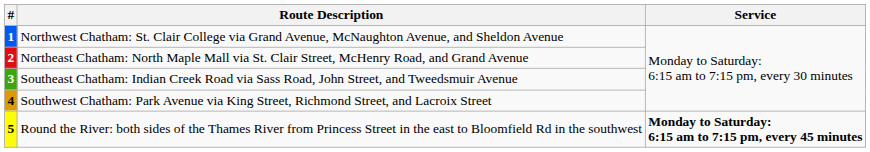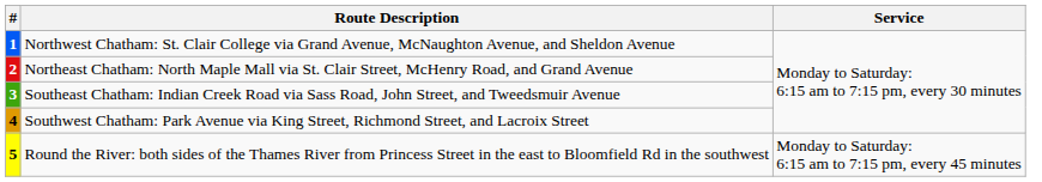 <table class="wikitable">
 <tr>
 <th>#</th>
 <th>Route Description</th>
 <th>Service</th>
 </tr>
 <tr>
 <td style = 'background:#025af4;color:white' align = 'center'><strong>1</strong></td>
 <td>Northwest Chatham: St. Clair College via Grand Avenue, McNaughton Avenue, and Sheldon Avenue</td>
 <td rowspan="4">Monday to Saturday:<br>6:15 am to 7:15 pm, every 30 minutes</td>
 </tr>
 <tr>
 <td style = 'background:#e10d10;color:white' align = 'center'><strong>2</strong></td>
 <td>Northeast Chatham: North Maple Mall via St. Clair Street, McHenry Road, and Grand Avenue</td>
 </tr>
 <tr>
 <td style = 'background:#3ea60d;color:white' align = 'center'><strong>3</strong></td>
 <td>Southeast Chatham: Indian Creek Road via Sass Road, John Street, and Tweedsmuir Avenue</td>
 </tr>
 <tr>
 <td style = 'background:#df9a02;color:black' align = 'center'><strong>4</strong></td>
 <td>Southwest Chatham: Park Avenue via King Street, Richmond Street, and Lacroix Street</td>
 </tr>
 <tr>
 <td style = 'background:#fffd04;color:black' align = 'center'><strong>5</strong></td>
 <td>Round the River: both sides of the Thames River from Princess Street in the east to Bloomfield Rd in the southwest</td>
-<td><strong>Monday to Saturday:<br>6:15 am to 7:15 pm, every 45 minutes</strong></td>
+<td>Monday to Saturday:<br>6:15 am to 7:15 pm, every 45 minutes</td>
 </tr>
 </table>
